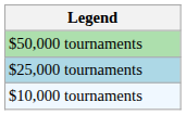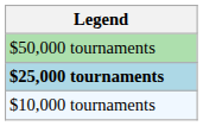 <table class="wikitable" style="font-size:85%; width:12%;">
 <tr>
 <th>Legend</th>
 </tr>
 <tr style="background:#addfad;">
 <td>$50,000 tournaments</td>
 </tr>
 <tr style="background:lightblue;">
-<td>$25,000 tournaments</td>
+<td><strong>$25,000 tournaments</strong></td>
 </tr>
 <tr style="background:#f0f8ff;">
 <td>$10,000 tournaments</td>
 </tr>
 </table>
